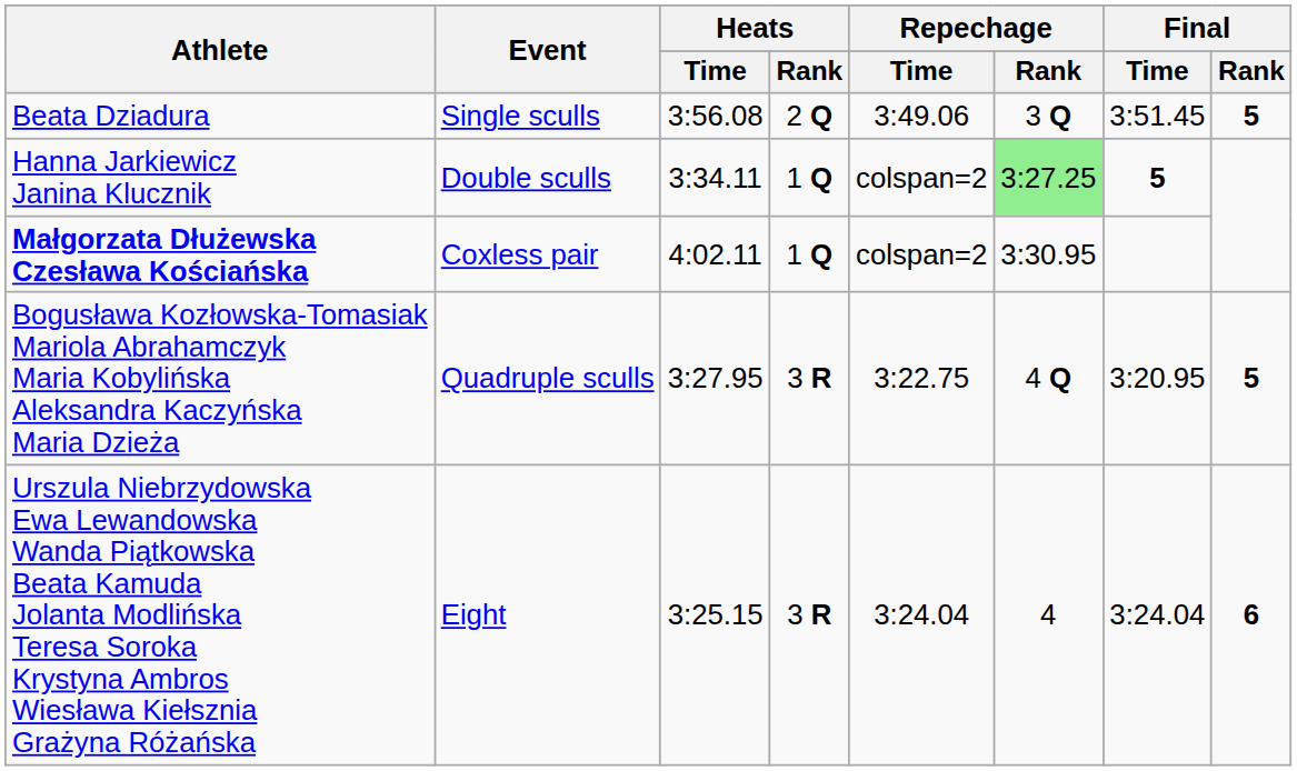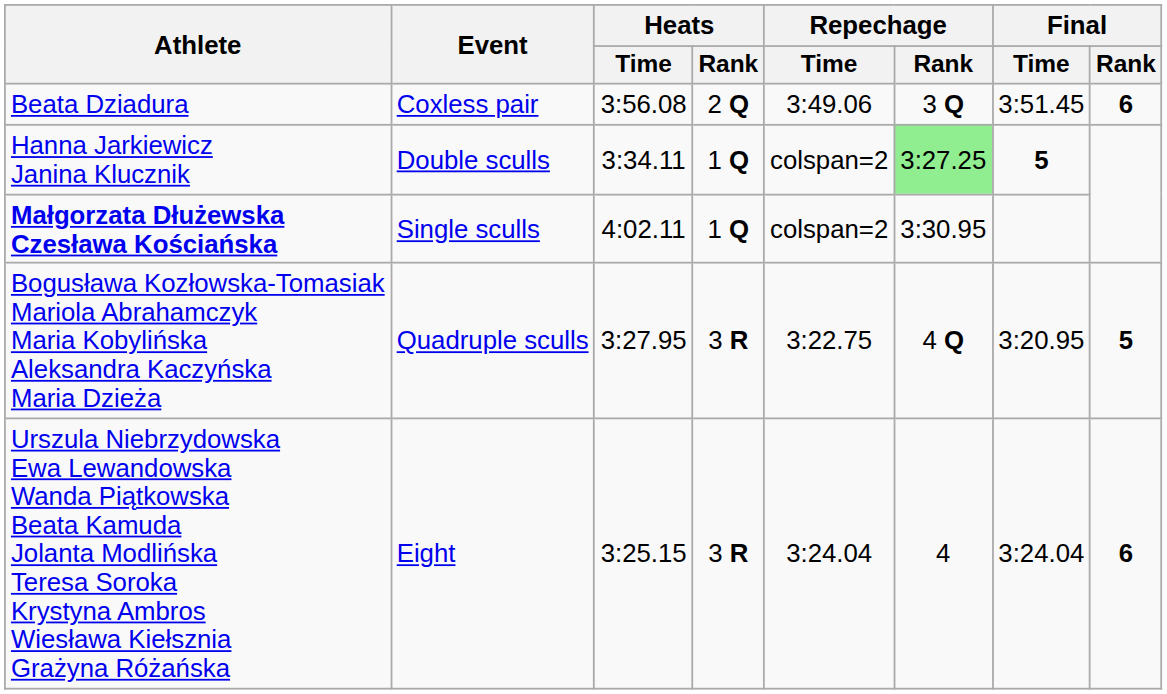 <table class="wikitable" style="font-size:90%">
 <tr>
 <th rowspan="2">Athlete</th>
 <th rowspan="2">Event</th>
 <th colspan="2">Heats</th>
 <th colspan="2">Repechage</th>
 <th colspan="2">Final</th>
 </tr>
 <tr style="font-size:95%">
 <th>Time</th>
 <th>Rank</th>
 <th>Time</th>
 <th>Rank</th>
 <th>Time</th>
 <th>Rank</th>
 </tr>
 <tr align=center>
 <td align=left><a href='#'>Beata Dziadura</a></td>
-<td align=left><a href='#'>Single sculls</a></td>
+<td align=left><a href='#'>Coxless pair</a></td>
 <td>3:56.08</td>
 <td>2 <strong>Q</strong></td>
 <td>3:49.06</td>
 <td>3 <strong>Q</strong></td>
 <td>3:51.45</td>
-<td><strong>5</strong></td>
+<td><strong>6</strong></td>
 </tr>
 <tr align=center>
 <td align=left><a href='#'>Hanna Jarkiewicz</a><br><a href='#'>Janina Klucznik</a></td>
 <td align=left><a href='#'>Double sculls</a></td>
 <td>3:34.11</td>
 <td>1 <strong>Q</strong></td>
 <td>colspan=2 </td>
 <td style="background: lightgreen;">3:27.25</td>
 <td><strong>5</strong></td>
 </tr>
 <tr align=center>
 <td align=left><strong><a href='#'>Małgorzata Dłużewska</a><br><a href='#'>Czesława Kościańska</a></strong></td>
-<td align=left><a href='#'>Coxless pair</a></td>
+<td align=left><a href='#'>Single sculls</a></td>
 <td>4:02.11</td>
 <td>1 <strong>Q</strong></td>
 <td>colspan=2 </td>
 <td>3:30.95</td>
 <td></td>
 </tr>
 <tr align=center>
 <td align=left><a href='#'>Bogusława Kozłowska-Tomasiak</a><br><a href='#'>Mariola Abrahamczyk</a><br><a href='#'>Maria Kobylińska</a><br><a href='#'>Aleksandra Kaczyńska</a><br><a href='#'>Maria Dzieża</a></td>
 <td align=left><a href='#'>Quadruple sculls</a></td>
 <td>3:27.95</td>
 <td>3 <strong>R</strong></td>
 <td>3:22.75</td>
 <td>4 <strong>Q</strong></td>
 <td>3:20.95</td>
 <td><strong>5</strong></td>
 </tr>
 <tr align=center>
 <td align=left><a href='#'>Urszula Niebrzydowska</a><br><a href='#'>Ewa Lewandowska</a><br><a href='#'>Wanda Piątkowska</a><br><a href='#'>Beata Kamuda</a><br><a href='#'>Jolanta Modlińska</a><br><a href='#'>Teresa Soroka</a><br><a href='#'>Krystyna Ambros</a><br><a href='#'>Wiesława Kiełsznia</a><br><a href='#'>Grażyna Różańska</a></td>
 <td align=left><a href='#'>Eight</a></td>
 <td>3:25.15</td>
 <td>3 <strong>R</strong></td>
 <td>3:24.04</td>
 <td>4</td>
 <td>3:24.04</td>
 <td><strong>6</strong></td>
 </tr>
 </table>
